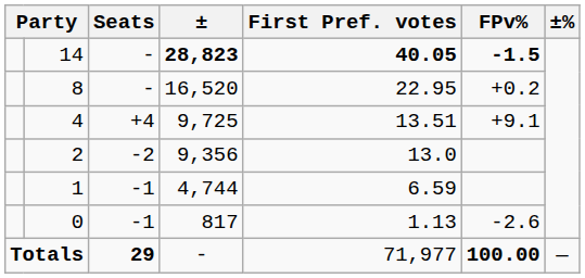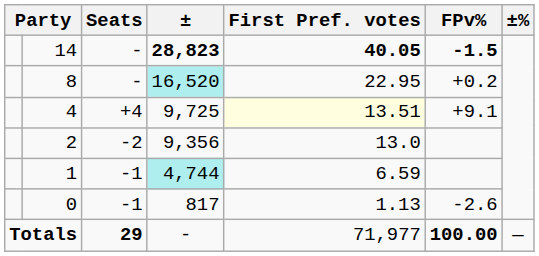 <table class=wikitable>
 <tr>
 <th colspan=2 align=center>Party</th>
 <th valign=top>Seats</th>
 <th valign=top>±</th>
 <th valign=top>First Pref. votes</th>
 <th valign=top>FPv%</th>
 <th valign=top>±%</th>
 </tr>
 <tr>
 <td></td>
 <td align=right>14</td>
 <td align=right>-</td>
 <td align=right><strong>28,823</strong></td>
 <td align=right><strong>40.05</strong></td>
 <td align=right><strong>-1.5</strong></td>
 </tr>
 <tr>
 <td></td>
 <td align=right>8</td>
 <td align=right>-</td>
-<td align=right>16,520</td>
+<td align=right style="background: paleturquoise;">16,520</td>
 <td align=right>22.95</td>
 <td align=right>+0.2</td>
 </tr>
 <tr>
 <td></td>
 <td align=right>4</td>
 <td align=right>+4</td>
 <td align=right>9,725</td>
-<td align=right>13.51</td>
+<td align=right style="background: lightyellow;">13.51</td>
 <td align=right>+9.1</td>
 </tr>
 <tr>
 <td></td>
 <td align=right>2</td>
 <td align=right>-2</td>
 <td align=right>9,356</td>
 <td align=right>13.0</td>
 <td align=right></td>
 </tr>
 <tr>
 <td></td>
 <td align=right>1</td>
 <td align=right>-1</td>
-<td align=right>4,744</td>
+<td align=right style="background: paleturquoise;">4,744</td>
 <td align=right>6.59</td>
 <td align=right></td>
 </tr>
 <tr>
 <td></td>
 <td align=right>0</td>
 <td align=right>-1</td>
 <td align=right>817</td>
 <td align=right>1.13</td>
 <td align=right>-2.6</td>
 </tr>
 <tr>
 <td colspan=2 align=center><strong>Totals</strong></td>
 <td align=right><strong>29</strong></td>
 <td align=center>-</td>
 <td align=right>71,977</td>
 <td align=center><strong>100.00</strong></td>
 <td align=center>—</td>
 </tr>
 </table>
